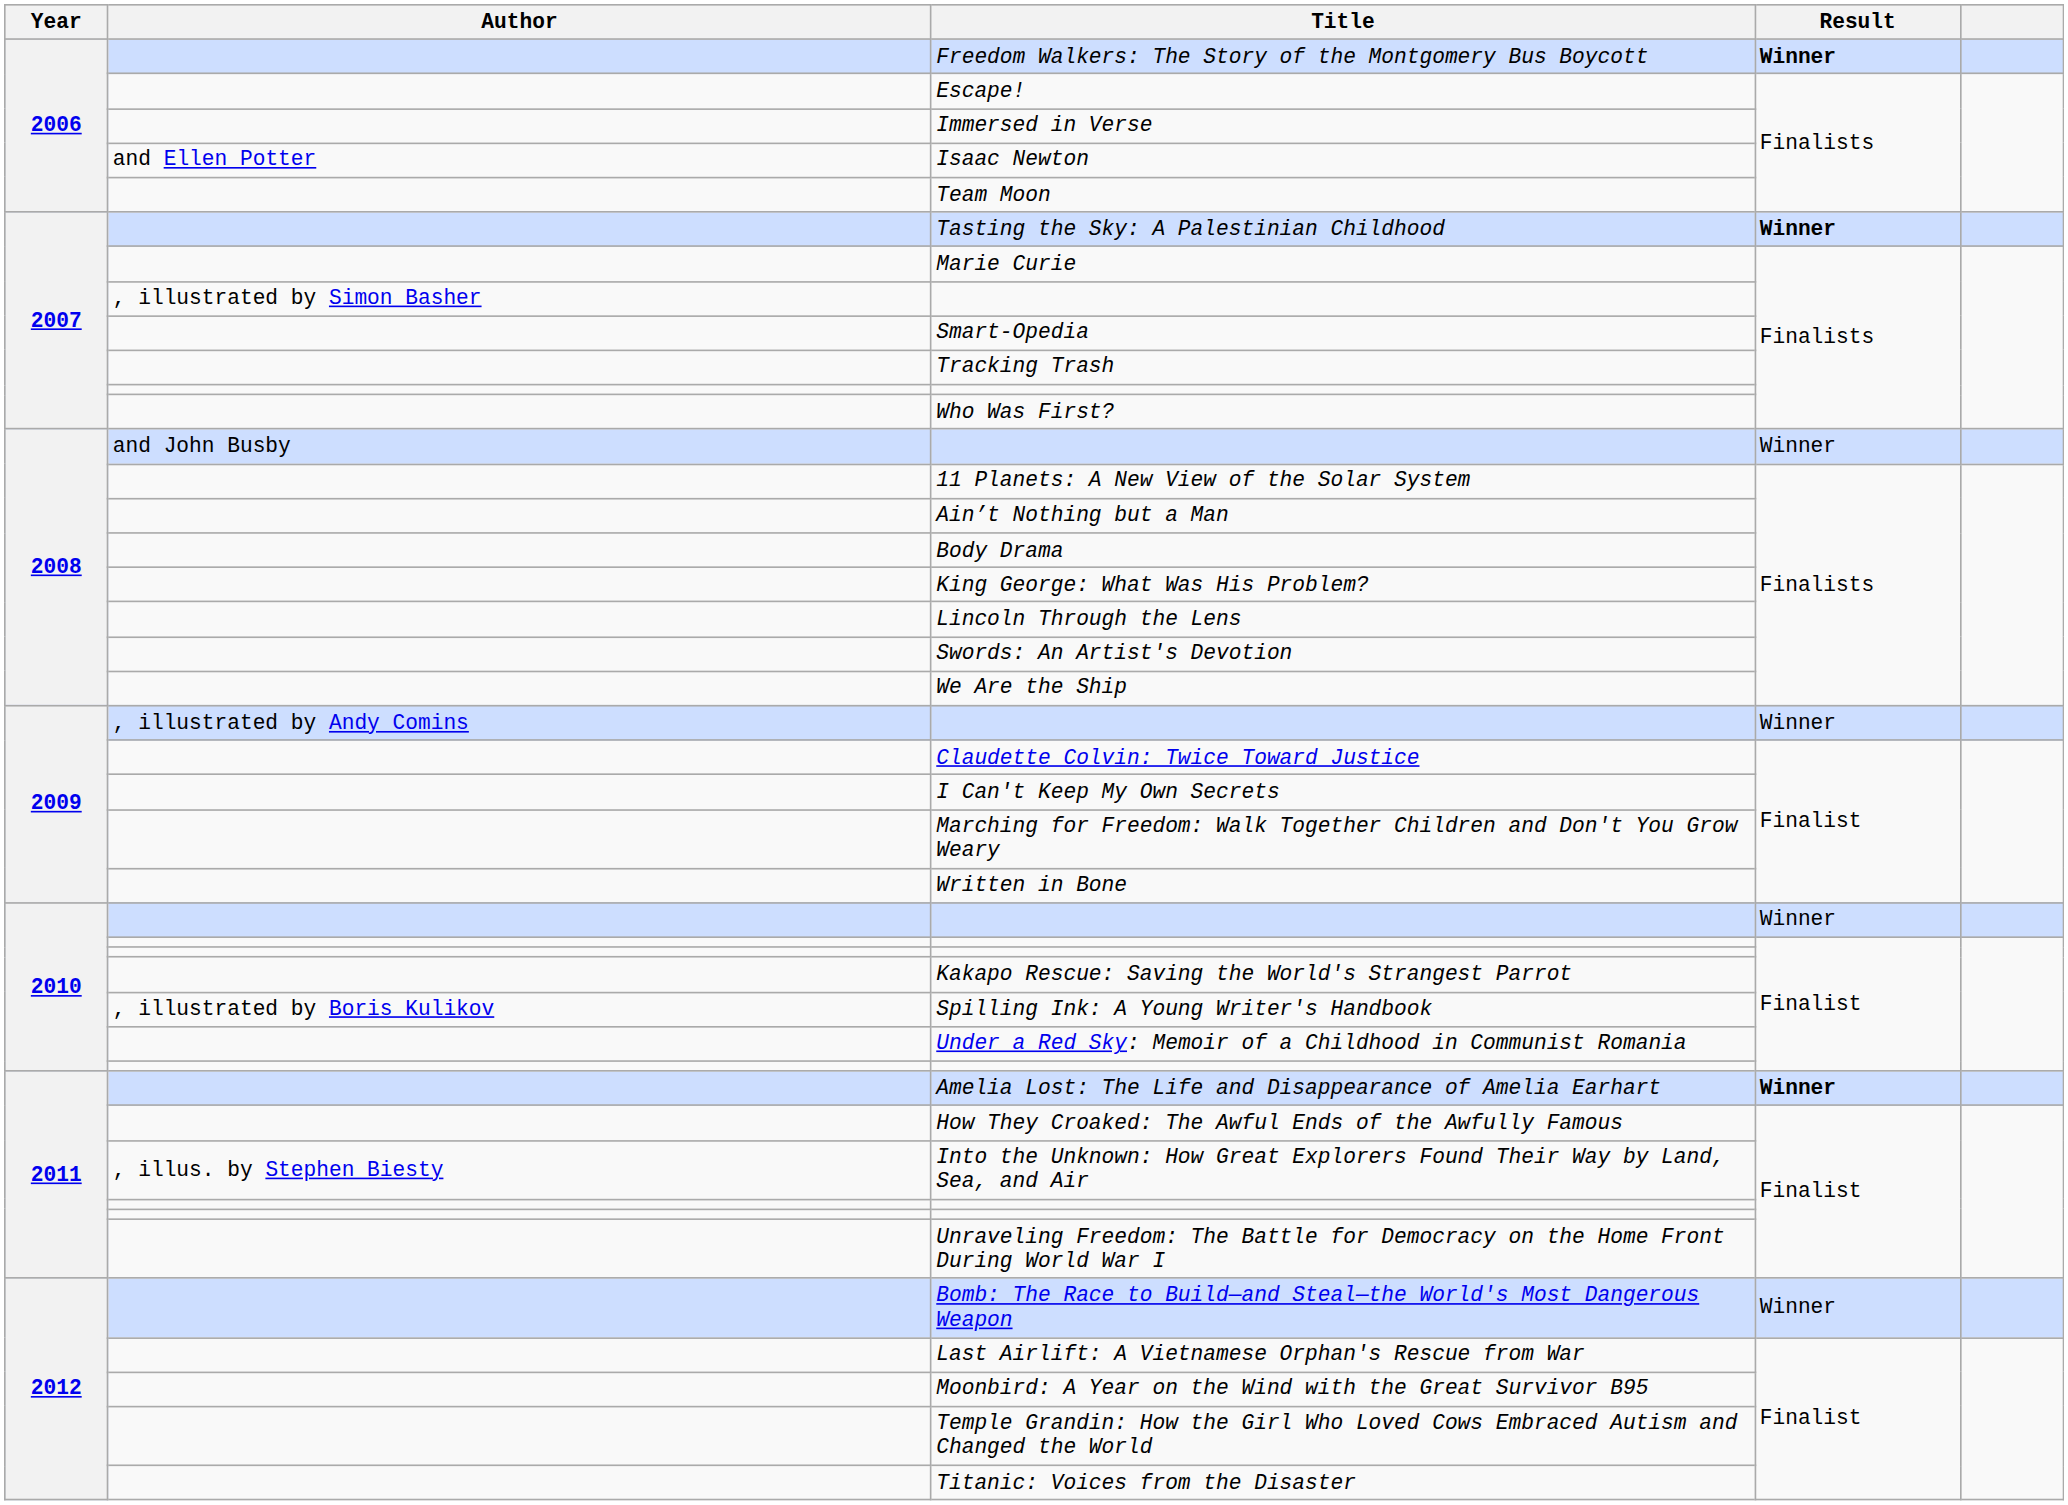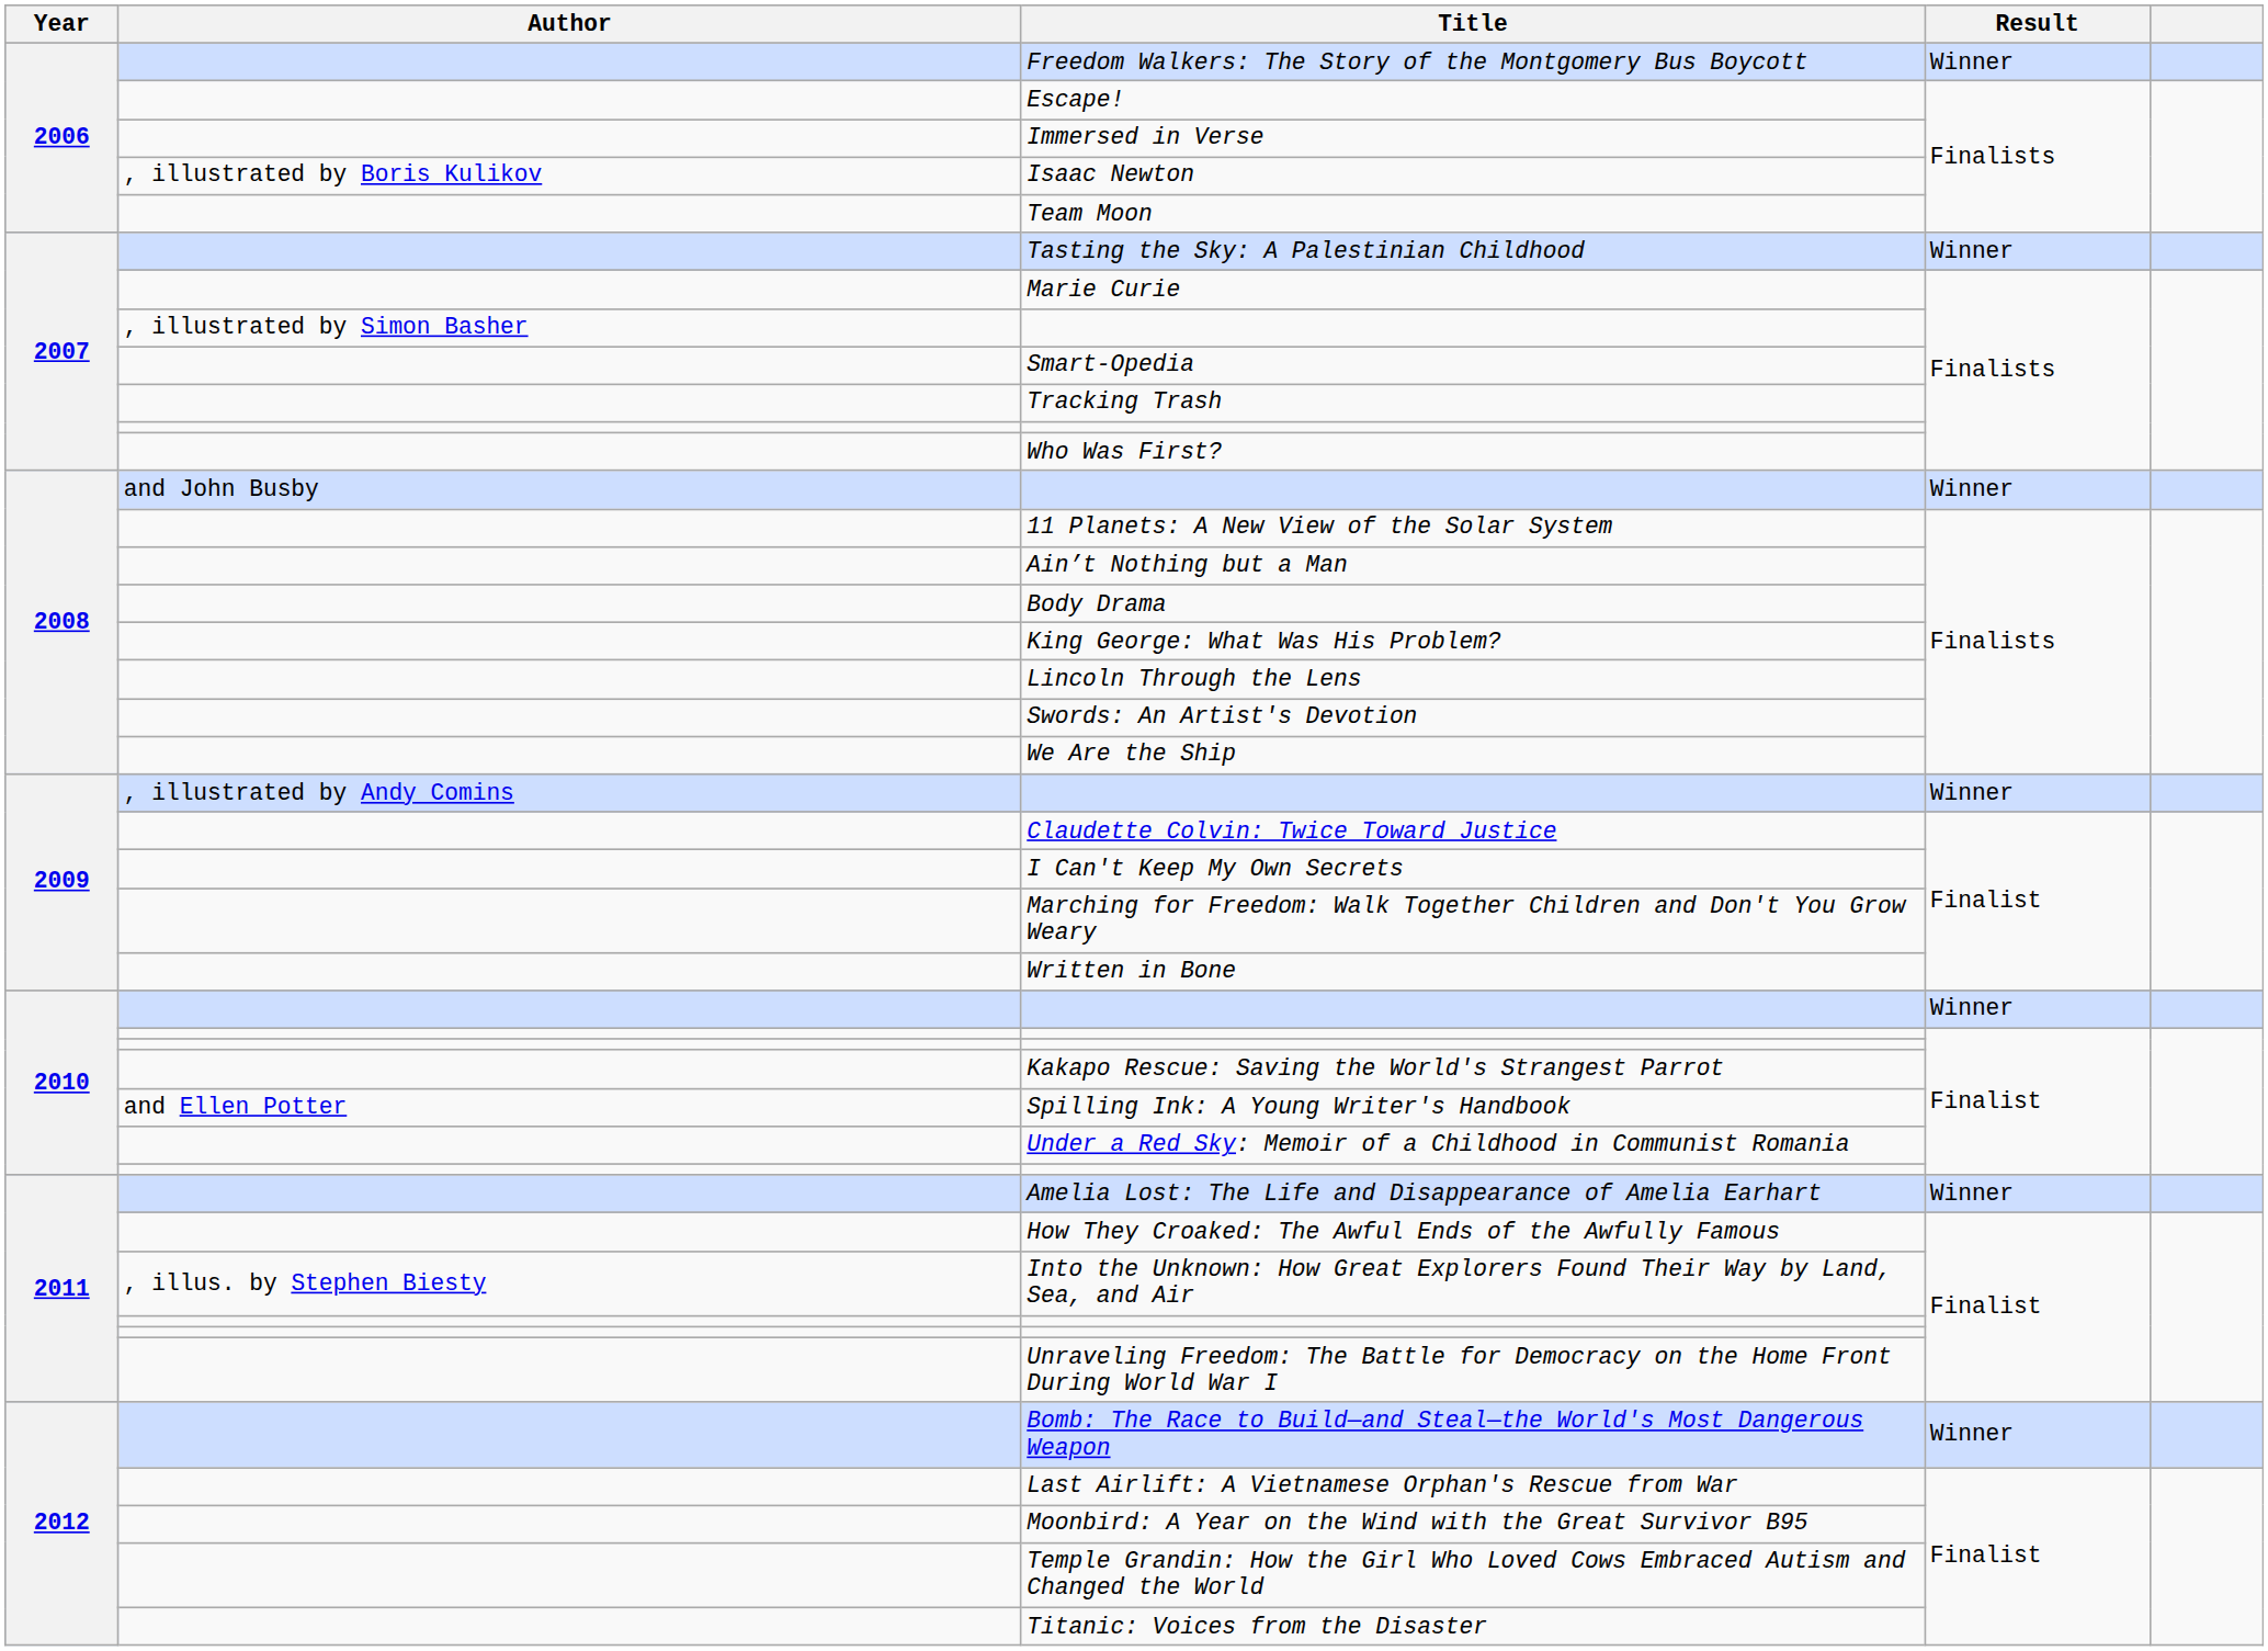 <table class="wikitable sortable mw-collapsible" width="100%">
 <tr>
 <th scope=col width="5%">Year</th>
 <th scope=col width="40%">Author</th>
 <th scope=col width="40%">Title</th>
 <th scope=col width="10%">Result</th>
 <th scope=col width="5%" class="unsortable"></th>
 </tr>
 <tr style="background:#cddeff">
 <th scope=row rowspan="5"><a href='#'>2006</a></th>
 <td></td>
 <td><em>Freedom Walkers: The Story of the Montgomery Bus Boycott</em></td>
-<td><strong>Winner</strong></td>
+<td>Winner</td>
 <td></td>
 </tr>
 <tr>
 <td></td>
 <td><em>Escape!</em></td>
 <td rowspan="4">Finalists</td>
 <td rowspan="4"></td>
 </tr>
 <tr>
 <td></td>
 <td><em>Immersed in Verse</em></td>
 </tr>
 <tr>
-<td> and <a href='#'>Ellen Potter</a></td>
+<td>, illustrated by <a href='#'>Boris Kulikov</a></td>
 <td><em>Isaac Newton</em></td>
 </tr>
 <tr>
 <td></td>
 <td><em>Team Moon</em></td>
 </tr>
 <tr style="background:#cddeff">
 <th scope=row rowspan="7"><a href='#'>2007</a></th>
 <td></td>
 <td><em>Tasting the Sky: A Palestinian Childhood</em></td>
-<td><strong>Winner</strong></td>
+<td>Winner</td>
 <td></td>
 </tr>
 <tr>
 <td></td>
 <td><em>Marie Curie</em></td>
 <td rowspan="6">Finalists</td>
 <td rowspan="6"></td>
 </tr>
 <tr>
 <td>, illustrated by <a href='#'>Simon Basher</a></td>
 <td></td>
 </tr>
 <tr>
 <td></td>
 <td><em>Smart-Opedia</em></td>
 </tr>
 <tr>
 <td></td>
 <td><em>Tracking Trash</em></td>
 </tr>
 <tr>
 <td></td>
 <td></td>
 </tr>
 <tr>
 <td></td>
 <td><em>Who Was First?</em></td>
 </tr>
 <tr style="background:#cddeff">
 <th scope=row rowspan="8"><a href='#'>2008</a></th>
 <td> and John Busby</td>
 <td><em></em></td>
 <td>Winner</td>
 <td></td>
 </tr>
 <tr>
 <td></td>
 <td><em>11 Planets: A New View of the Solar System</em></td>
 <td rowspan="7">Finalists</td>
 <td rowspan="7"></td>
 </tr>
 <tr>
 <td></td>
 <td><em>Ain’t Nothing but a Man</em></td>
 </tr>
 <tr>
 <td></td>
 <td><em>Body Drama</em></td>
 </tr>
 <tr>
 <td></td>
 <td><em>King George: What Was His Problem?</em></td>
 </tr>
 <tr>
 <td></td>
 <td><em>Lincoln Through the Lens</em></td>
 </tr>
 <tr>
 <td></td>
 <td><em>Swords: An Artist's Devotion</em></td>
 </tr>
 <tr>
 <td></td>
 <td><em>We Are the Ship</em></td>
 </tr>
 <tr style="background:#cddeff">
 <th scope=row rowspan="5"><a href='#'>2009</a></th>
 <td>, illustrated by <a href='#'>Andy Comins</a></td>
 <td><em></em></td>
 <td>Winner</td>
 <td></td>
 </tr>
 <tr>
 <td></td>
 <td><em><a href='#'>Claudette Colvin: Twice Toward Justice</a></em></td>
 <td rowspan="4">Finalist</td>
 <td rowspan="4"></td>
 </tr>
 <tr>
 <td></td>
 <td><em>I Can't Keep My Own Secrets</em></td>
 </tr>
 <tr>
 <td></td>
 <td><em>Marching for Freedom: Walk Together Children and Don't You Grow Weary</em></td>
 </tr>
 <tr>
 <td></td>
 <td><em>Written in Bone</em></td>
 </tr>
 <tr style="background:#cddeff">
 <th scope=row rowspan="7"><a href='#'>2010</a></th>
 <td></td>
 <td><em></em></td>
 <td>Winner</td>
 <td></td>
 </tr>
 <tr>
 <td></td>
 <td></td>
 <td rowspan="6">Finalist</td>
 <td rowspan="6"></td>
 </tr>
 <tr>
 <td></td>
 <td></td>
 </tr>
 <tr>
 <td></td>
 <td><em>Kakapo Rescue: Saving the World's Strangest Parrot</em></td>
 </tr>
 <tr>
-<td>, illustrated by <a href='#'>Boris Kulikov</a></td>
+<td> and <a href='#'>Ellen Potter</a></td>
 <td><em>Spilling Ink: A Young Writer's Handbook</em></td>
 </tr>
 <tr>
 <td></td>
 <td><em><a href='#'>Under a Red Sky</a>: Memoir of a Childhood in Communist Romania</em></td>
 </tr>
 <tr>
 <td></td>
 <td></td>
 </tr>
 <tr style="background:#cddeff">
 <th scope=row rowspan="6"><a href='#'>2011</a></th>
 <td></td>
 <td><em>Amelia Lost: The Life and Disappearance of Amelia Earhart</em></td>
-<td><strong>Winner</strong></td>
+<td>Winner</td>
 <td></td>
 </tr>
 <tr>
 <td></td>
 <td><em>How They Croaked: The Awful Ends of the Awfully Famous</em></td>
 <td rowspan="5">Finalist</td>
 <td rowspan="5"></td>
 </tr>
 <tr>
 <td>, illus. by <a href='#'>Stephen Biesty</a></td>
 <td><em>Into the Unknown: How Great Explorers Found Their Way by Land, Sea, and Air</em></td>
 </tr>
 <tr>
 <td></td>
 <td></td>
 </tr>
 <tr>
 <td></td>
 <td></td>
 </tr>
 <tr>
 <td></td>
 <td><em>Unraveling Freedom: The Battle for Democracy on the Home Front During World War I</em></td>
 </tr>
 <tr style="background:#cddeff">
 <th scope=row rowspan="5"><a href='#'>2012</a></th>
 <td></td>
 <td><em><a href='#'>Bomb: The Race to Build—and Steal—the World's Most Dangerous Weapon</a></em></td>
 <td>Winner</td>
 <td></td>
 </tr>
 <tr>
 <td></td>
 <td><em>Last Airlift: A Vietnamese Orphan's Rescue from War</em></td>
 <td rowspan="4">Finalist</td>
 <td rowspan="4"></td>
 </tr>
 <tr>
 <td></td>
 <td><em>Moonbird: A Year on the Wind with the Great Survivor B95</em></td>
 </tr>
 <tr>
 <td></td>
 <td><em>Temple Grandin: How the Girl Who Loved Cows Embraced Autism and Changed the World</em></td>
 </tr>
 <tr>
 <td></td>
 <td><em>Titanic: Voices from the Disaster</em></td>
 </tr>
 </table>
